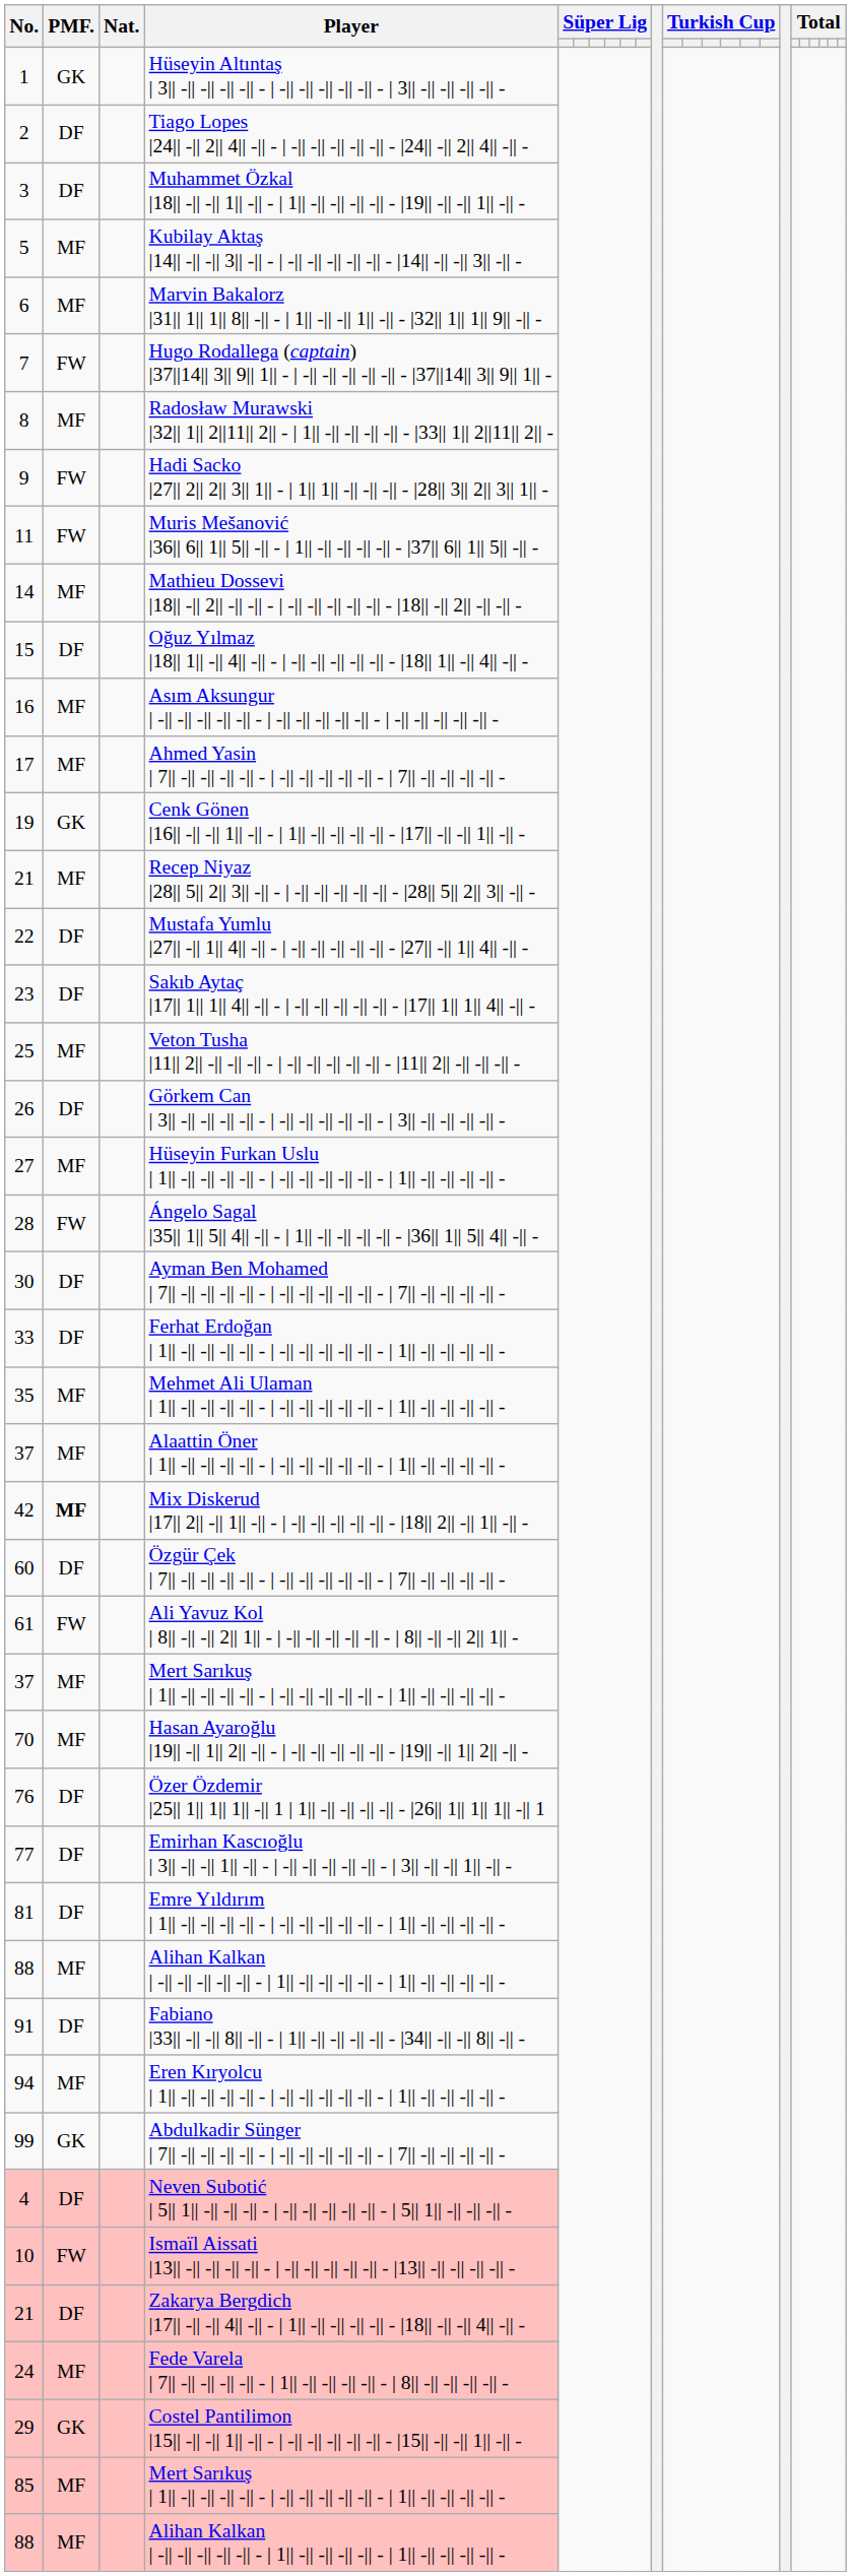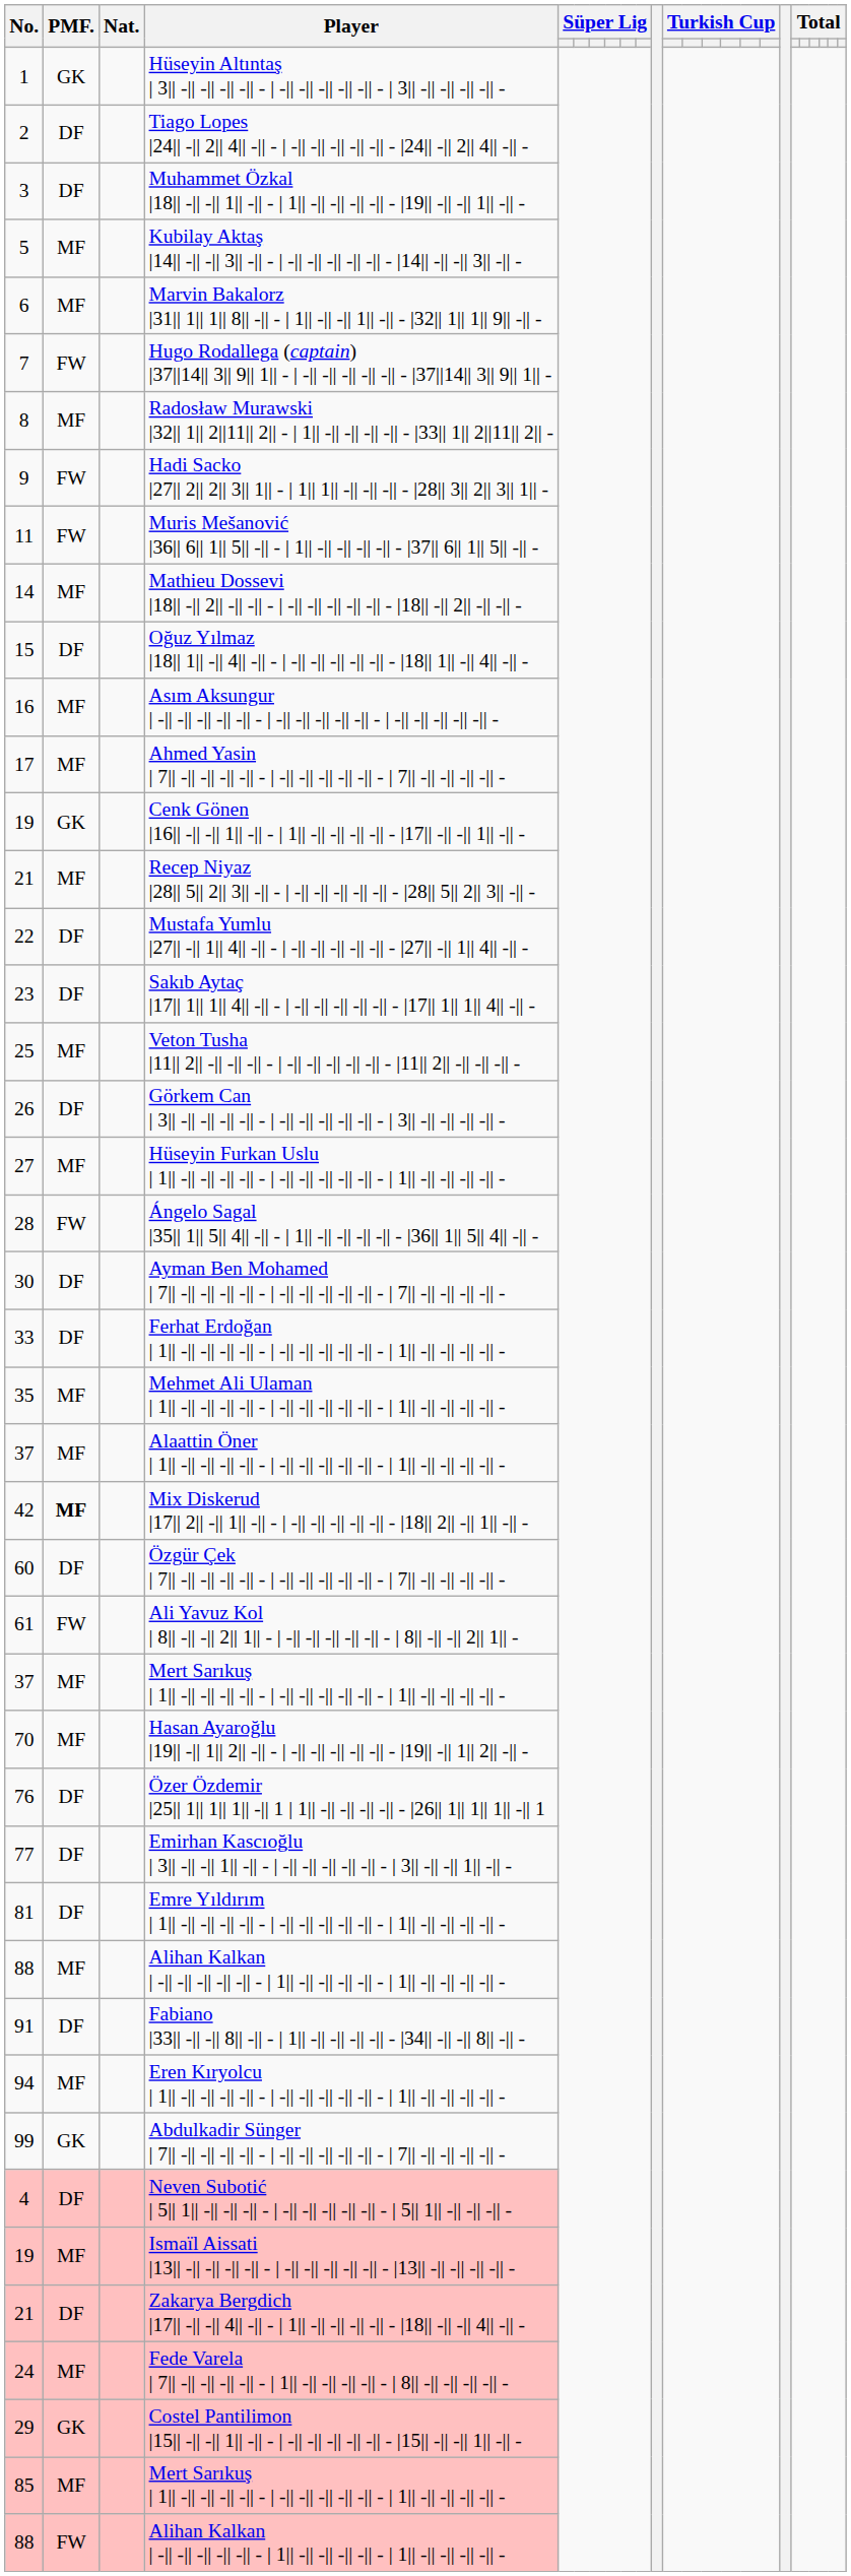 <table class="wikitable" style="text-align: center; font-size:88%;">
 <tr>
 <th rowspan="2">No.</th>
 <th rowspan="2">PMF.</th>
 <th rowspan="2">Nat.</th>
 <th rowspan="2">Player</th>
 <th colspan="6"><a href='#'>Süper Lig</a></th>
 <th rowspan="50" width="1"></th>
 <th colspan="6"><a href='#'>Turkish Cup</a></th>
 <th rowspan="50" width="1"></th>
 <th colspan="6">Total</th>
 </tr>
 <tr class="unsortable">
 <th></th>
 <th></th>
 <th></th>
 <th></th>
 <th></th>
 <th></th>
 <th></th>
 <th></th>
 <th></th>
 <th></th>
 <th></th>
 <th></th>
 <th></th>
 <th></th>
 <th></th>
 <th></th>
 <th></th>
 <th></th>
 </tr>
 <tr>
 <td>1</td>
 <td>GK</td>
 <td></td>
 <td align=left><a href='#'>Hüseyin Altıntaş</a><br>          | 3|| -|| -|| -|| -|| -         | -|| -|| -|| -|| -|| -               | 3|| -|| -|| -|| -|| -</td>
 </tr>
 <tr>
 <td>2</td>
 <td>DF</td>
 <td></td>
 <td align=left><a href='#'>Tiago Lopes</a><br>          |24|| -|| 2|| 4|| -|| -         | -|| -|| -|| -|| -|| -               |24|| -|| 2|| 4|| -|| -</td>
 </tr>
 <tr>
 <td>3</td>
 <td>DF</td>
 <td></td>
 <td align=left><a href='#'>Muhammet Özkal</a><br>          |18|| -|| -|| 1|| -|| -         | 1|| -|| -|| -|| -|| -               |19|| -|| -|| 1|| -|| -</td>
 </tr>
 <tr>
 <td>5</td>
 <td>MF</td>
 <td></td>
 <td align=left><a href='#'>Kubilay Aktaş</a><br>          |14|| -|| -|| 3|| -|| -         | -|| -|| -|| -|| -|| -               |14|| -|| -|| 3|| -|| -</td>
 </tr>
 <tr>
 <td>6</td>
 <td>MF</td>
 <td></td>
 <td align=left><a href='#'>Marvin Bakalorz</a><br>          |31|| 1|| 1|| 8|| -|| -         | 1|| -|| -|| 1|| -|| -               |32|| 1|| 1|| 9|| -|| -</td>
 </tr>
 <tr>
 <td>7</td>
 <td>FW</td>
 <td></td>
 <td align=left><a href='#'>Hugo Rodallega</a> (<em><a href='#'>captain</a></em>)<br>          |37||14|| 3|| 9|| 1|| -         | -|| -|| -|| -|| -|| -               |37||14|| 3|| 9|| 1|| -</td>
 </tr>
 <tr>
 <td>8</td>
 <td>MF</td>
 <td></td>
 <td align=left><a href='#'>Radosław Murawski</a><br>          |32|| 1|| 2||11|| 2|| -         | 1|| -|| -|| -|| -|| -               |33|| 1|| 2||11|| 2|| -</td>
 </tr>
 <tr>
 <td>9</td>
 <td>FW</td>
 <td></td>
 <td align=left><a href='#'>Hadi Sacko</a><br>          |27|| 2|| 2|| 3|| 1|| -         | 1|| 1|| -|| -|| -|| -               |28|| 3|| 2|| 3|| 1|| -</td>
 </tr>
 <tr>
 <td>11</td>
 <td>FW</td>
 <td></td>
 <td align=left><a href='#'>Muris Mešanović</a><br>          |36|| 6|| 1|| 5|| -|| -         | 1|| -|| -|| -|| -|| -               |37|| 6|| 1|| 5|| -|| -</td>
 </tr>
 <tr>
 <td>14</td>
 <td>MF</td>
 <td></td>
 <td align=left><a href='#'>Mathieu Dossevi</a><br>          |18|| -|| 2|| -|| -|| -         | -|| -|| -|| -|| -|| -               |18|| -|| 2|| -|| -|| -</td>
 </tr>
 <tr>
 <td>15</td>
 <td>DF</td>
 <td></td>
 <td align=left><a href='#'>Oğuz Yılmaz</a><br>          |18|| 1|| -|| 4|| -|| -         | -|| -|| -|| -|| -|| -               |18|| 1|| -|| 4|| -|| -</td>
 </tr>
 <tr>
 <td>16</td>
 <td>MF</td>
 <td></td>
 <td align=left><a href='#'>Asım Aksungur</a><br>          | -|| -|| -|| -|| -|| -         | -|| -|| -|| -|| -|| -               | -|| -|| -|| -|| -|| -</td>
 </tr>
 <tr>
 <td>17</td>
 <td>MF</td>
 <td></td>
 <td align=left><a href='#'>Ahmed Yasin</a><br>          | 7|| -|| -|| -|| -|| -         | -|| -|| -|| -|| -|| -               | 7|| -|| -|| -|| -|| -</td>
 </tr>
 <tr>
 <td>19</td>
 <td>GK</td>
 <td></td>
 <td align=left><a href='#'>Cenk Gönen</a><br>          |16|| -|| -|| 1|| -|| -         | 1|| -|| -|| -|| -|| -               |17|| -|| -|| 1|| -|| -</td>
 </tr>
 <tr>
 <td>21</td>
 <td>MF</td>
 <td></td>
 <td align=left><a href='#'>Recep Niyaz</a><br>          |28|| 5|| 2|| 3|| -|| -         | -|| -|| -|| -|| -|| -               |28|| 5|| 2|| 3|| -|| -</td>
 </tr>
 <tr>
 <td>22</td>
 <td>DF</td>
 <td></td>
 <td align=left><a href='#'>Mustafa Yumlu</a><br>          |27|| -|| 1|| 4|| -|| -         | -|| -|| -|| -|| -|| -               |27|| -|| 1|| 4|| -|| -</td>
 </tr>
 <tr>
 <td>23</td>
 <td>DF</td>
 <td></td>
 <td align=left><a href='#'>Sakıb Aytaç</a><br>          |17|| 1|| 1|| 4|| -|| -         | -|| -|| -|| -|| -|| -               |17|| 1|| 1|| 4|| -|| -</td>
 </tr>
 <tr>
 <td>25</td>
 <td>MF</td>
 <td></td>
 <td align=left><a href='#'>Veton Tusha</a><br>          |11|| 2|| -|| -|| -|| -         | -|| -|| -|| -|| -|| -               |11|| 2|| -|| -|| -|| -</td>
 </tr>
 <tr>
 <td>26</td>
 <td>DF</td>
 <td></td>
 <td align=left><a href='#'>Görkem Can</a><br>          | 3|| -|| -|| -|| -|| -         | -|| -|| -|| -|| -|| -               | 3|| -|| -|| -|| -|| -</td>
 </tr>
 <tr>
 <td>27</td>
 <td>MF</td>
 <td></td>
 <td align=left><a href='#'>Hüseyin Furkan Uslu</a><br>          | 1|| -|| -|| -|| -|| -         | -|| -|| -|| -|| -|| -               | 1|| -|| -|| -|| -|| -</td>
 </tr>
 <tr>
 <td>28</td>
 <td>FW</td>
 <td></td>
 <td align=left><a href='#'>Ángelo Sagal</a><br>          |35|| 1|| 5|| 4|| -|| -         | 1|| -|| -|| -|| -|| -               |36|| 1|| 5|| 4|| -|| -</td>
 </tr>
 <tr>
 <td>30</td>
 <td>DF</td>
 <td></td>
 <td align=left><a href='#'>Ayman Ben Mohamed</a><br>          | 7|| -|| -|| -|| -|| -         | -|| -|| -|| -|| -|| -               | 7|| -|| -|| -|| -|| -</td>
 </tr>
 <tr>
 <td>33</td>
 <td>DF</td>
 <td></td>
 <td align=left><a href='#'>Ferhat Erdoğan</a><br>          | 1|| -|| -|| -|| -|| -         | -|| -|| -|| -|| -|| -               | 1|| -|| -|| -|| -|| -</td>
 </tr>
 <tr>
 <td>35</td>
 <td>MF</td>
 <td></td>
 <td align=left><a href='#'>Mehmet Ali Ulaman</a><br>          | 1|| -|| -|| -|| -|| -         | -|| -|| -|| -|| -|| -               | 1|| -|| -|| -|| -|| -</td>
 </tr>
 <tr>
 <td>37</td>
 <td>MF</td>
 <td></td>
 <td align=left><a href='#'>Alaattin Öner</a><br>          | 1|| -|| -|| -|| -|| -         | -|| -|| -|| -|| -|| -               | 1|| -|| -|| -|| -|| -</td>
 </tr>
 <tr>
 <td>42</td>
 <td><strong>MF</strong></td>
 <td></td>
 <td align=left><a href='#'>Mix Diskerud</a><br>          |17|| 2|| -|| 1|| -|| -         | -|| -|| -|| -|| -|| -               |18|| 2|| -|| 1|| -|| -</td>
 </tr>
 <tr>
 <td>60</td>
 <td>DF</td>
 <td></td>
 <td align=left><a href='#'>Özgür Çek</a><br>          | 7|| -|| -|| -|| -|| -         | -|| -|| -|| -|| -|| -               | 7|| -|| -|| -|| -|| -</td>
 </tr>
 <tr>
 <td>61</td>
 <td>FW</td>
 <td></td>
 <td align=left><a href='#'>Ali Yavuz Kol</a><br>          | 8|| -|| -|| 2|| 1|| -         | -|| -|| -|| -|| -|| -               | 8|| -|| -|| 2|| 1|| -</td>
 </tr>
 <tr>
 <td>37</td>
 <td>MF</td>
 <td></td>
 <td align=left><a href='#'>Mert Sarıkuş</a><br>          | 1|| -|| -|| -|| -|| -         | -|| -|| -|| -|| -|| -               | 1|| -|| -|| -|| -|| -</td>
 </tr>
 <tr>
 <td>70</td>
 <td>MF</td>
 <td></td>
 <td align=left><a href='#'>Hasan Ayaroğlu</a><br>          |19|| -|| 1|| 2|| -|| -         | -|| -|| -|| -|| -|| -               |19|| -|| 1|| 2|| -|| -</td>
 </tr>
 <tr>
 <td>76</td>
 <td>DF</td>
 <td></td>
 <td align=left><a href='#'>Özer Özdemir</a><br>          |25|| 1|| 1|| 1|| -|| 1         | 1|| -|| -|| -|| -|| -               |26|| 1|| 1|| 1|| -|| 1</td>
 </tr>
 <tr>
 <td>77</td>
 <td>DF</td>
 <td></td>
 <td align=left><a href='#'>Emirhan Kascıoğlu</a><br>          | 3|| -|| -|| 1|| -|| -         | -|| -|| -|| -|| -|| -               | 3|| -|| -|| 1|| -|| -</td>
 </tr>
 <tr>
 <td>81</td>
 <td>DF</td>
 <td></td>
 <td align=left><a href='#'>Emre Yıldırım</a><br>          | 1|| -|| -|| -|| -|| -         | -|| -|| -|| -|| -|| -               | 1|| -|| -|| -|| -|| -</td>
 </tr>
 <tr>
 <td>88</td>
 <td>MF</td>
 <td></td>
 <td align=left><a href='#'>Alihan Kalkan</a><br>          | -|| -|| -|| -|| -|| -         | 1|| -|| -|| -|| -|| -               | 1|| -|| -|| -|| -|| -</td>
 </tr>
 <tr>
 <td>91</td>
 <td>DF</td>
 <td></td>
 <td align=left><a href='#'>Fabiano</a><br>          |33|| -|| -|| 8|| -|| -         | 1|| -|| -|| -|| -|| -               |34|| -|| -|| 8|| -|| -</td>
 </tr>
 <tr>
 <td>94</td>
 <td>MF</td>
 <td></td>
 <td align=left><a href='#'>Eren Kıryolcu</a><br>          | 1|| -|| -|| -|| -|| -         | -|| -|| -|| -|| -|| -               | 1|| -|| -|| -|| -|| -</td>
 </tr>
 <tr>
 <td>99</td>
 <td>GK</td>
 <td></td>
 <td align=left><a href='#'>Abdulkadir Sünger</a><br>          | 7|| -|| -|| -|| -|| -         | -|| -|| -|| -|| -|| -               | 7|| -|| -|| -|| -|| -</td>
 </tr>
 <tr bgcolor=#ffchch>
 <td>4</td>
 <td>DF</td>
 <td></td>
 <td align=left><a href='#'>Neven Subotić</a><br>          | 5|| 1|| -|| -|| -|| -         | -|| -|| -|| -|| -|| -               | 5|| 1|| -|| -|| -|| -</td>
 </tr>
 <tr bgcolor=#ffchch>
-<td>10</td>
-<td>FW</td>
+<td>19</td>
+<td>MF</td>
 <td></td>
 <td align=left><a href='#'>Ismaïl Aissati</a><br>          |13|| -|| -|| -|| -|| -         | -|| -|| -|| -|| -|| -               |13|| -|| -|| -|| -|| -</td>
 </tr>
 <tr bgcolor=#ffchch>
 <td>21</td>
 <td>DF</td>
 <td></td>
 <td align=left><a href='#'>Zakarya Bergdich</a><br>          |17|| -|| -|| 4|| -|| -         | 1|| -|| -|| -|| -|| -               |18|| -|| -|| 4|| -|| -</td>
 </tr>
 <tr bgcolor=#ffchch>
 <td>24</td>
 <td>MF</td>
 <td></td>
 <td align=left><a href='#'>Fede Varela</a><br>          | 7|| -|| -|| -|| -|| -         | 1|| -|| -|| -|| -|| -               | 8|| -|| -|| -|| -|| -</td>
 </tr>
 <tr bgcolor=#ffchch>
 <td>29</td>
 <td>GK</td>
 <td></td>
 <td align=left><a href='#'>Costel Pantilimon</a><br>          |15|| -|| -|| 1|| -|| -         | -|| -|| -|| -|| -|| -               |15|| -|| -|| 1|| -|| -</td>
 </tr>
 <tr bgcolor=#ffchch>
 <td>85</td>
 <td>MF</td>
 <td></td>
 <td align=left><a href='#'>Mert Sarıkuş</a><br>          | 1|| -|| -|| -|| -|| -         | -|| -|| -|| -|| -|| -               | 1|| -|| -|| -|| -|| -</td>
 </tr>
 <tr bgcolor=#ffchch>
 <td>88</td>
-<td>MF</td>
+<td>FW</td>
 <td></td>
 <td align=left><a href='#'>Alihan Kalkan</a><br>          | -|| -|| -|| -|| -|| -         | 1|| -|| -|| -|| -|| -               | 1|| -|| -|| -|| -|| -</td>
 </tr>
 </table>
